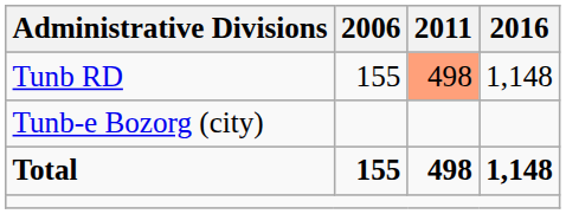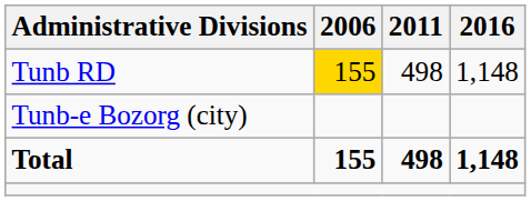 <table class="wikitable">
 <tr>
 <th>Administrative Divisions</th>
 <th>2006</th>
 <th>2011</th>
 <th>2016</th>
 </tr>
 <tr>
 <td><a href='#'>Tunb RD</a></td>
-<td style="text-align: right;">155</td>
-<td style="background: lightsalmon; text-align: right;">498</td>
+<td style="background: gold; text-align: right;">155</td>
+<td style="text-align: right;">498</td>
 <td style="text-align: right;">1,148</td>
 </tr>
 <tr>
 <td><a href='#'>Tunb-e Bozorg</a> (city)</td>
 <td style="text-align: right;"></td>
 <td style="text-align: right;"></td>
 <td style="text-align: right;"></td>
 </tr>
 <tr>
 <td><strong>Total</strong></td>
 <td style="text-align: right;"><strong>155</strong></td>
 <td style="text-align: right;"><strong>498</strong></td>
 <td style="text-align: right;"><strong>1,148</strong></td>
 </tr>
 <tr>
 <td colspan=4></td>
 </tr>
 </table>
